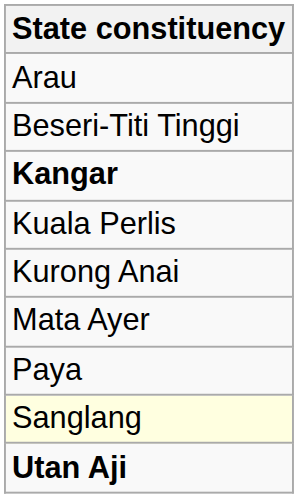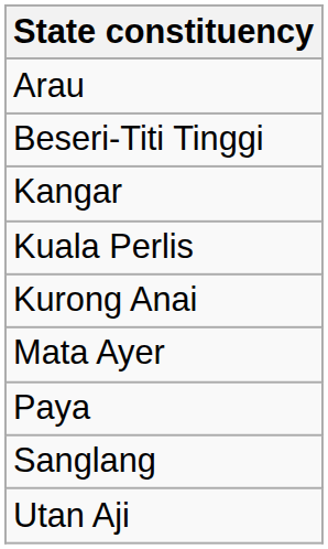 <table class=wikitable>
 <tr>
 <th>State constituency</th>
 </tr>
 <tr>
 <td>Arau</td>
 </tr>
 <tr>
 <td>Beseri-Titi Tinggi</td>
 </tr>
 <tr>
-<td><strong>Kangar</strong></td>
+<td>Kangar</td>
 </tr>
 <tr>
 <td>Kuala Perlis</td>
 </tr>
 <tr>
 <td>Kurong Anai</td>
 </tr>
 <tr>
 <td>Mata Ayer</td>
 </tr>
 <tr>
 <td>Paya</td>
 </tr>
 <tr>
-<td style="background: lightyellow;">Sanglang</td>
+<td>Sanglang</td>
 </tr>
 <tr>
-<td><strong>Utan Aji</strong></td>
+<td>Utan Aji</td>
 </tr>
 </table>
